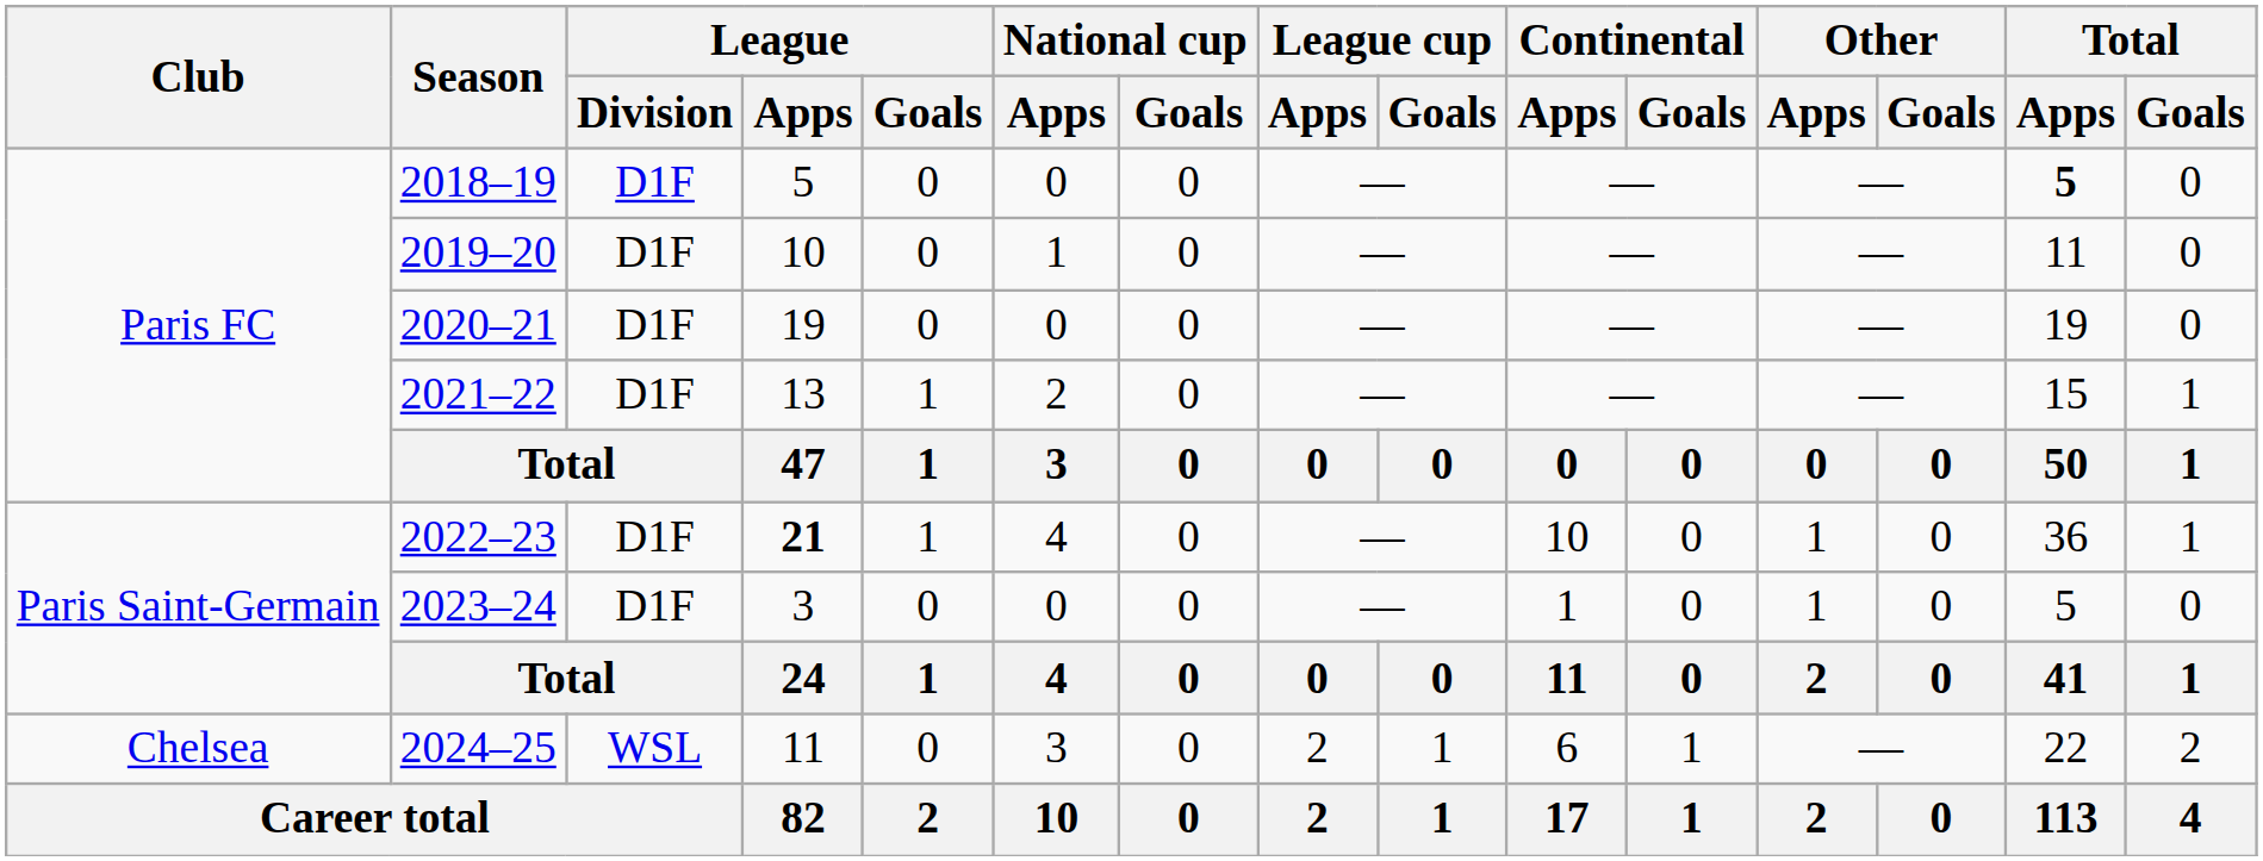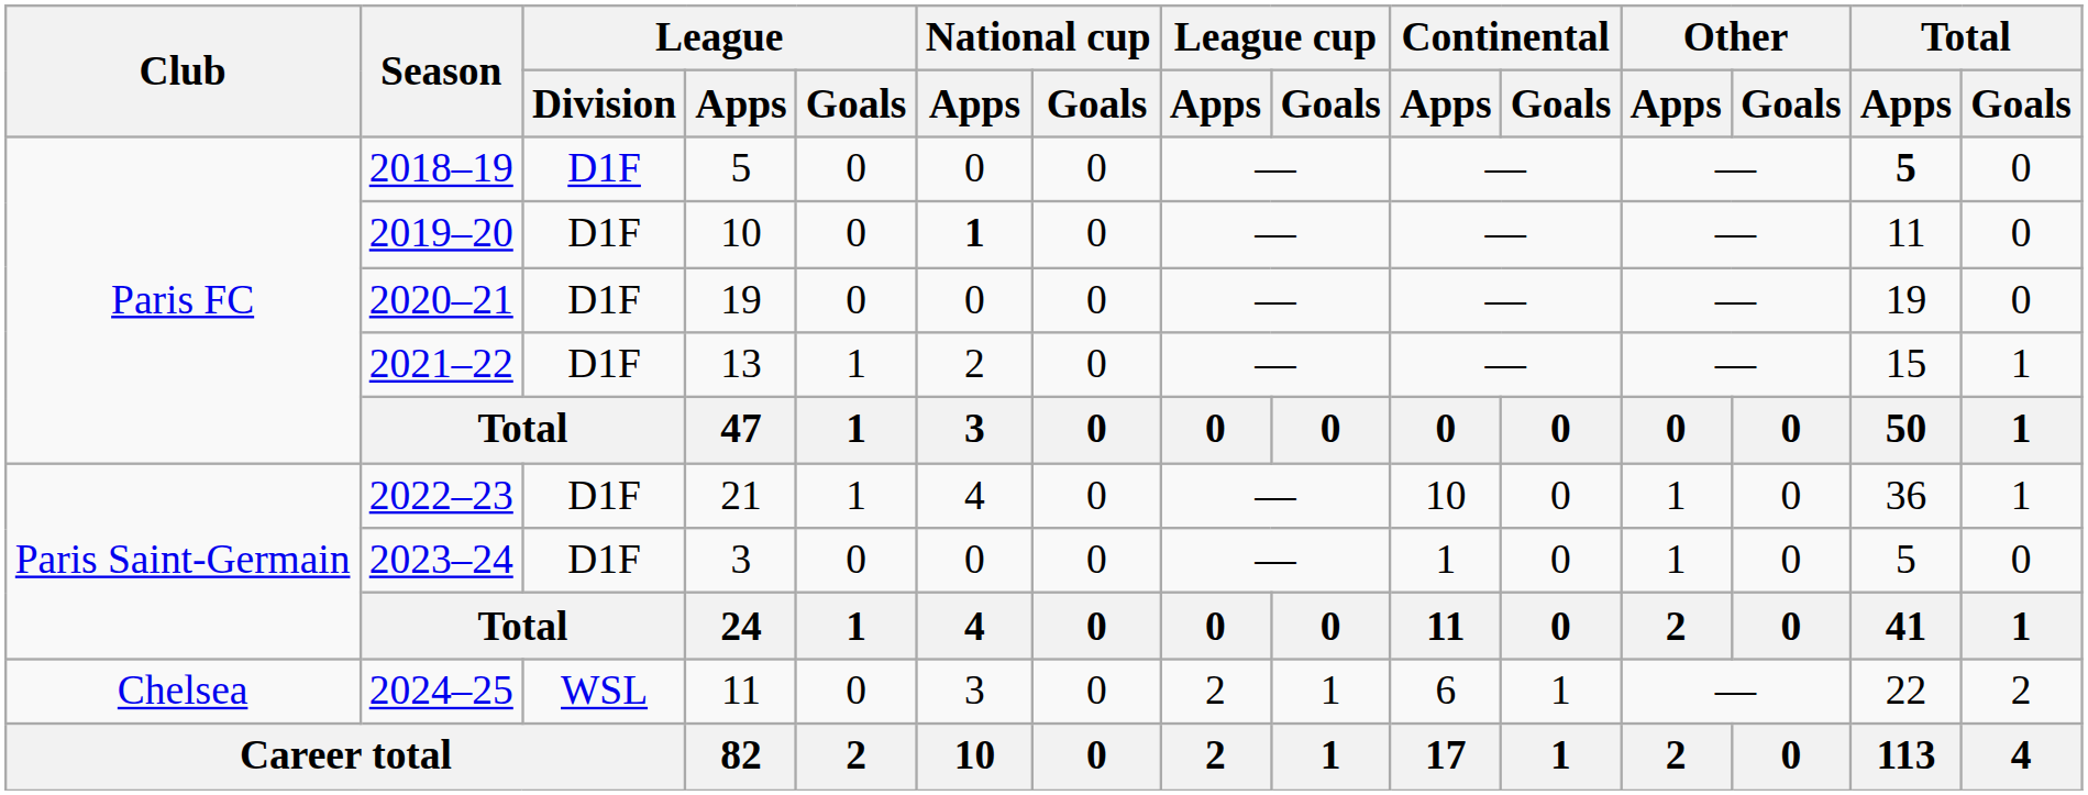 <table class="wikitable" style="text-align: center;">
 <tr>
 <th rowspan="2">Club</th>
 <th rowspan="2">Season</th>
 <th colspan="3">League</th>
 <th colspan="2">National cup</th>
 <th colspan="2">League cup</th>
 <th colspan="2">Continental</th>
 <th colspan="2">Other</th>
 <th colspan="2">Total</th>
 </tr>
 <tr>
 <th>Division</th>
 <th>Apps</th>
 <th>Goals</th>
 <th>Apps</th>
 <th>Goals</th>
 <th>Apps</th>
 <th>Goals</th>
 <th>Apps</th>
 <th>Goals</th>
 <th>Apps</th>
 <th>Goals</th>
 <th>Apps</th>
 <th>Goals</th>
 </tr>
 <tr>
 <td rowspan="5"><a href='#'>Paris FC</a></td>
 <td><a href='#'>2018–19</a></td>
 <td><a href='#'>D1F</a></td>
 <td>5</td>
 <td>0</td>
 <td>0</td>
 <td>0</td>
 <td colspan="2">—</td>
 <td colspan="2">—</td>
 <td colspan="2">—</td>
 <td><strong>5</strong></td>
 <td>0</td>
 </tr>
 <tr>
 <td><a href='#'>2019–20</a></td>
 <td>D1F</td>
 <td>10</td>
 <td>0</td>
-<td>1</td>
+<td><strong>1</strong></td>
 <td>0</td>
 <td colspan="2">—</td>
 <td colspan="2">—</td>
 <td colspan="2">—</td>
 <td>11</td>
 <td>0</td>
 </tr>
 <tr>
 <td><a href='#'>2020–21</a></td>
 <td>D1F</td>
 <td>19</td>
 <td>0</td>
 <td>0</td>
 <td>0</td>
 <td colspan="2">—</td>
 <td colspan="2">—</td>
 <td colspan="2">—</td>
 <td>19</td>
 <td>0</td>
 </tr>
 <tr>
 <td><a href='#'>2021–22</a></td>
 <td>D1F</td>
 <td>13</td>
 <td>1</td>
 <td>2</td>
 <td>0</td>
 <td colspan="2">—</td>
 <td colspan="2">—</td>
 <td colspan="2">—</td>
 <td>15</td>
 <td>1</td>
 </tr>
 <tr>
 <th colspan=2>Total</th>
 <th>47</th>
 <th>1</th>
 <th>3</th>
 <th>0</th>
 <th>0</th>
 <th>0</th>
 <th>0</th>
 <th>0</th>
 <th>0</th>
 <th>0</th>
 <th>50</th>
 <th>1</th>
 </tr>
 <tr>
 <td rowspan="3"><a href='#'>Paris Saint-Germain</a></td>
 <td><a href='#'>2022–23</a></td>
 <td>D1F</td>
-<td><strong>21</strong></td>
+<td>21</td>
 <td>1</td>
 <td>4</td>
 <td>0</td>
 <td colspan="2">—</td>
 <td>10</td>
 <td>0</td>
 <td>1</td>
 <td>0</td>
 <td>36</td>
 <td>1</td>
 </tr>
 <tr>
 <td><a href='#'>2023–24</a></td>
 <td>D1F</td>
 <td>3</td>
 <td>0</td>
 <td>0</td>
 <td>0</td>
 <td colspan="2">—</td>
 <td>1</td>
 <td>0</td>
 <td>1</td>
 <td>0</td>
 <td>5</td>
 <td>0</td>
 </tr>
 <tr>
 <th colspan="2">Total</th>
 <th>24</th>
 <th>1</th>
 <th>4</th>
 <th>0</th>
 <th>0</th>
 <th>0</th>
 <th>11</th>
 <th>0</th>
 <th>2</th>
 <th>0</th>
 <th>41</th>
 <th>1</th>
 </tr>
 <tr>
 <td><a href='#'>Chelsea</a></td>
 <td><a href='#'>2024–25</a></td>
 <td><a href='#'>WSL</a></td>
 <td>11</td>
 <td>0</td>
 <td>3</td>
 <td>0</td>
 <td>2</td>
 <td>1</td>
 <td>6</td>
 <td>1</td>
 <td colspan="2">—</td>
 <td>22</td>
 <td>2</td>
 </tr>
 <tr>
 <th colspan=3>Career total</th>
 <th>82</th>
 <th>2</th>
 <th>10</th>
 <th>0</th>
 <th>2</th>
 <th>1</th>
 <th>17</th>
 <th>1</th>
 <th>2</th>
 <th>0</th>
 <th>113</th>
 <th>4</th>
 </tr>
 </table>
